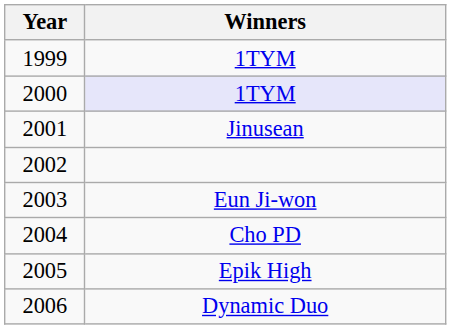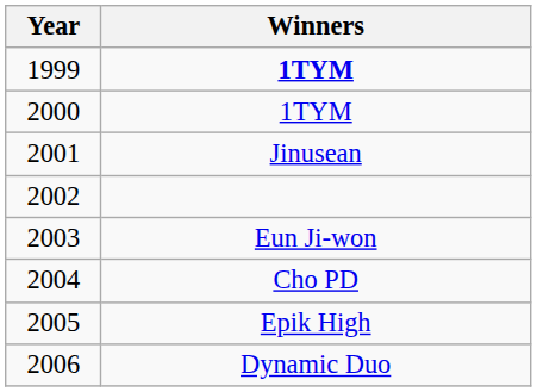 <table class="wikitable" style="text-align:center;">
 <tr>
 <th width="50">Year</th>
 <th width="250">Winners</th>
 </tr>
 <tr>
 <td>1999</td>
-<td><a href='#'>1TYM</a></td>
+<td><strong><a href='#'>1TYM</a></strong></td>
 </tr>
 <tr>
 <td>2000</td>
-<td style="background: lavender;"><a href='#'>1TYM</a></td>
+<td><a href='#'>1TYM</a></td>
 </tr>
 <tr>
 <td>2001</td>
 <td><a href='#'>Jinusean</a></td>
 </tr>
 <tr>
 <td>2002</td>
 <td></td>
 </tr>
 <tr>
 <td>2003</td>
 <td><a href='#'>Eun Ji-won</a></td>
 </tr>
 <tr>
 <td>2004</td>
 <td><a href='#'>Cho PD</a></td>
 </tr>
 <tr>
 <td>2005</td>
 <td><a href='#'>Epik High</a></td>
 </tr>
 <tr>
 <td>2006</td>
 <td><a href='#'>Dynamic Duo</a></td>
 </tr>
 </table>
